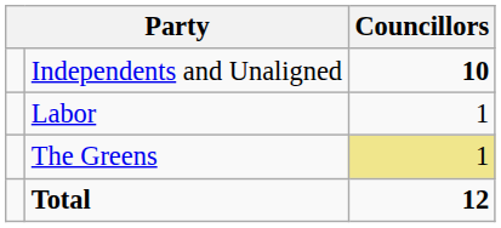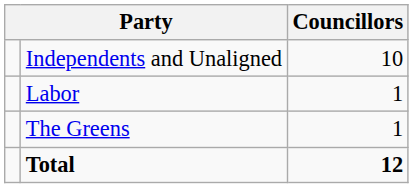 <table class="wikitable">
 <tr>
 <th colspan="2">Party</th>
 <th>Councillors</th>
 </tr>
 <tr>
 <td> </td>
 <td><a href='#'>Independents</a> and Unaligned</td>
-<td align=right><strong>10</strong></td>
+<td align=right>10</td>
 </tr>
 <tr>
 <td> </td>
 <td><a href='#'>Labor</a></td>
 <td align=right>1</td>
 </tr>
 <tr>
 <td> </td>
 <td><a href='#'>The Greens</a></td>
-<td align=right style="background: khaki;">1</td>
+<td align=right>1</td>
 </tr>
 <tr>
 <td></td>
 <td><strong>Total</strong></td>
 <td align=right><strong>12</strong></td>
 </tr>
 </table>
